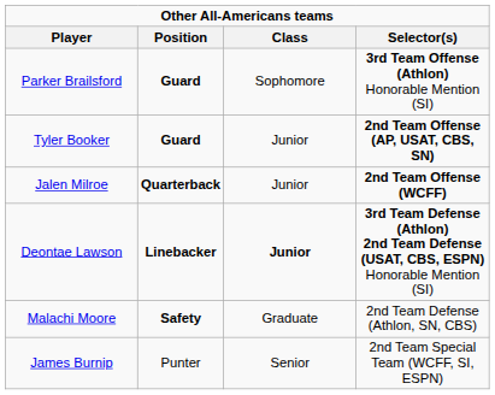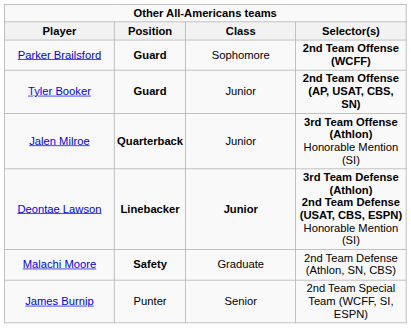 <table class="wikitable" style="text-align:center">
 <tr>
 <td colspan="6" style="text-align:center; "><strong>Other All-Americans teams</strong></td>
 </tr>
 <tr>
 <th style="width:150px; ">Player</th>
 <th style="width:90px; ">Position</th>
 <th style="width:150px; ">Class</th>
 <th style="width:150px; ">Selector(s)</th>
 </tr>
 <tr>
 <td><a href='#'>Parker Brailsford</a></td>
 <td><strong>Guard</strong></td>
 <td>Sophomore</td>
-<td><strong>3rd Team Offense (Athlon)</strong> <br> Honorable Mention (SI)</td>
+<td><strong>2nd Team Offense (WCFF)</strong></td>
 </tr>
 <tr>
 <td><a href='#'>Tyler Booker</a></td>
 <td><strong>Guard</strong></td>
 <td>Junior</td>
 <td><strong>2nd Team Offense (AP, USAT, CBS, SN)</strong></td>
 </tr>
 <tr>
 <td><a href='#'>Jalen Milroe</a></td>
 <td><strong>Quarterback</strong></td>
 <td>Junior</td>
-<td><strong>2nd Team Offense (WCFF)</strong></td>
+<td><strong>3rd Team Offense (Athlon)</strong> <br> Honorable Mention (SI)</td>
 </tr>
 <tr>
 <td><a href='#'>Deontae Lawson</a></td>
 <td><strong>Linebacker</strong></td>
 <td><strong>Junior</strong></td>
 <td><strong>3rd Team Defense (Athlon)</strong><br><strong>2nd Team Defense (USAT, CBS, ESPN)</strong> <br> Honorable Mention (SI)</td>
 </tr>
 <tr>
 <td><a href='#'>Malachi Moore</a></td>
 <td><strong>Safety<em></td>
 <td>Graduate</td>
 <td></strong>2nd Team Defense (Athlon, SN, CBS)<strong></td>
 </tr>
 <tr>
 <td><a href='#'>James Burnip</a></td>
 <td></strong>Punter<strong></td>
 <td>Senior</td>
 <td></strong>2nd Team Special Team (WCFF, SI, ESPN)<strong></td>
 </tr>
 </table>
